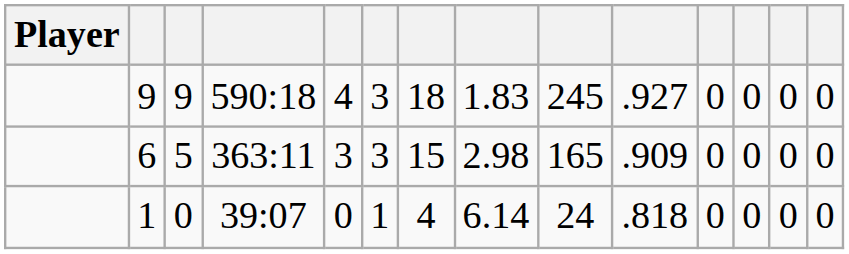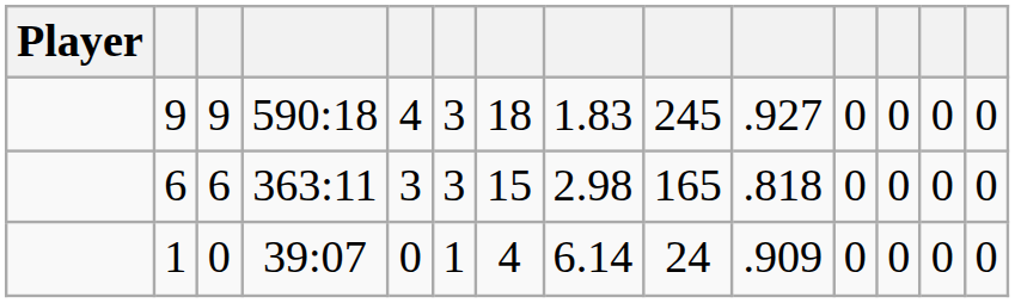 <table class="wikitable sortable" style="text-align:center;">
 <tr>
 <th>Player</th>
 <th></th>
 <th></th>
 <th></th>
 <th></th>
 <th></th>
 <th></th>
 <th></th>
 <th></th>
 <th></th>
 <th></th>
 <th></th>
 <th></th>
 <th></th>
 </tr>
 <tr>
 <td></td>
 <td>9</td>
 <td>9</td>
 <td>590:18</td>
 <td>4</td>
 <td>3</td>
 <td>18</td>
 <td>1.83</td>
 <td>245</td>
 <td>.927</td>
 <td>0</td>
 <td>0</td>
 <td>0</td>
 <td>0</td>
 </tr>
 <tr>
 <td></td>
 <td>6</td>
-<td>5</td>
+<td>6</td>
 <td>363:11</td>
 <td>3</td>
 <td>3</td>
 <td>15</td>
 <td>2.98</td>
 <td>165</td>
-<td>.909</td>
+<td>.818</td>
 <td>0</td>
 <td>0</td>
 <td>0</td>
 <td>0</td>
 </tr>
 <tr>
 <td></td>
 <td>1</td>
 <td>0</td>
 <td>39:07</td>
 <td>0</td>
 <td>1</td>
 <td>4</td>
 <td>6.14</td>
 <td>24</td>
-<td>.818</td>
+<td>.909</td>
 <td>0</td>
 <td>0</td>
 <td>0</td>
 <td>0</td>
 </tr>
 </table>
